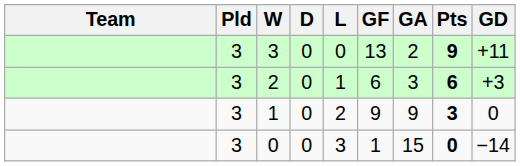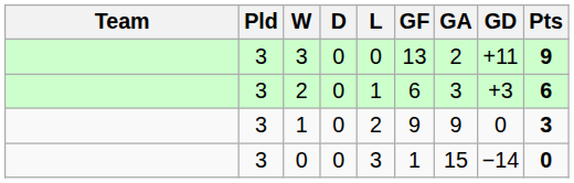 <table class="wikitable" style="text-align:center;">
 <tr>
 <th width=165>Team</th>
 <th width=20>Pld</th>
 <th width=20>W</th>
 <th width=20>D</th>
 <th width=20>L</th>
 <th width=20>GF</th>
 <th width=20>GA</th>
+<th width=20>GD</th>
 <th width=20>Pts</th>
-<th width=20>GD</th>
 </tr>
 <tr bgcolor=#CCFFCC>
 <td style="text-align:left;"></td>
 <td>3</td>
 <td>3</td>
 <td>0</td>
 <td>0</td>
 <td>13</td>
 <td>2</td>
+<td>+11</td>
 <td><strong>9</strong></td>
-<td>+11</td>
 </tr>
 <tr bgcolor=#CCFFCC>
 <td style="text-align:left;"></td>
 <td>3</td>
 <td>2</td>
 <td>0</td>
 <td>1</td>
 <td>6</td>
 <td>3</td>
+<td>+3</td>
 <td><strong>6</strong></td>
-<td>+3</td>
 </tr>
 <tr>
 <td style="text-align:left;"></td>
 <td>3</td>
 <td>1</td>
 <td>0</td>
 <td>2</td>
 <td>9</td>
 <td>9</td>
+<td>0</td>
 <td><strong>3</strong></td>
-<td>0</td>
 </tr>
 <tr>
 <td style="text-align:left;"></td>
 <td>3</td>
 <td>0</td>
 <td>0</td>
 <td>3</td>
 <td>1</td>
 <td>15</td>
+<td>−14</td>
 <td><strong>0</strong></td>
-<td>−14</td>
 </tr>
 </table>
